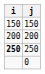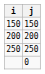 <table class="wikitable" style="font-family:monospace">
 <tr>
 <th>i</th>
 <th>j</th>
 </tr>
 <tr>
 <td>150</td>
 <td>150</td>
 </tr>
 <tr>
 <td>200</td>
 <td>200</td>
 </tr>
 <tr>
-<td><strong>250</strong></td>
+<td>250</td>
 <td>250</td>
 </tr>
 <tr>
 <td></td>
 <td>0</td>
 </tr>
 </table>
